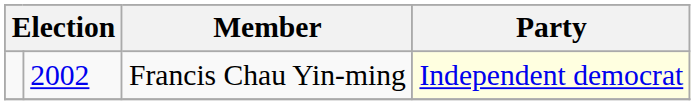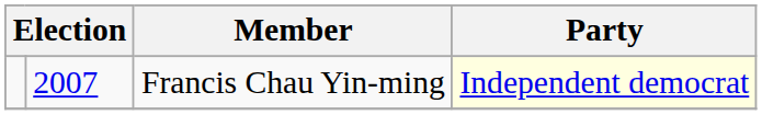 <table class="wikitable">
 <tr>
 <th colspan="2">Election</th>
 <th>Member</th>
 <th>Party</th>
 </tr>
 <tr>
 <td style="color:inherit;background:"></td>
-<td><a href='#'>2002</a></td>
+<td><a href='#'>2007</a></td>
 <td>Francis Chau Yin-ming</td>
 <td style="background: lightyellow;"><a href='#'>Independent democrat</a></td>
 </tr>
 <tr>
 </tr>
 </table>
